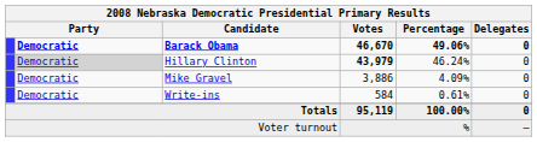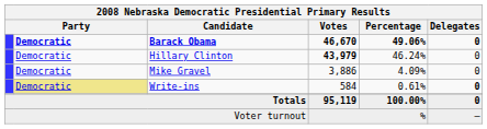 <table class="wikitable" style="font-size:95%;">
 <tr>
 <th colspan="7">2008 Nebraska Democratic Presidential Primary Results</th>
 </tr>
 <tr>
 <th colspan="2" style="width: 15em">Party</th>
 <th style="width: 17em">Candidate</th>
 <th style="width: 5em">Votes</th>
 <th style="width: 7em">Percentage</th>
 <th style="width: 5em">Delegates</th>
 </tr>
 <tr>
 <th style="background-color:#3333FF; width: 3px"></th>
 <td style="width: 130px"><strong><a href='#'>Democratic</a></strong></td>
 <td><strong><a href='#'>Barack Obama</a></strong></td>
 <td align="right"><strong>46,670</strong></td>
 <td align="right"><strong>49.06%</strong></td>
 <td align="right"><strong>0</strong></td>
 </tr>
 <tr>
 <th style="background-color:#3333FF; width: 3px"></th>
-<td style="background: lightgrey; width: 130px"><a href='#'>Democratic</a></td>
+<td style="width: 130px"><a href='#'>Democratic</a></td>
 <td><a href='#'>Hillary Clinton</a></td>
 <td align="right"><strong>43,979</strong></td>
 <td align="right">46.24%</td>
 <td align="right">0</td>
 </tr>
 <tr>
 <th style="background-color:#3333FF; width: 3px"></th>
 <td style="width: 130px"><a href='#'>Democratic</a></td>
 <td><a href='#'>Mike Gravel</a></td>
 <td align="right">3,886</td>
 <td align="right">4.09%</td>
 <td align="right">0</td>
 </tr>
 <tr>
 <th style="background-color:#3333FF; width: 3px"></th>
-<td style="width: 130px"><a href='#'>Democratic</a></td>
+<td style="background: khaki; width: 130px"><a href='#'>Democratic</a></td>
 <td><a href='#'>Write-ins</a></td>
 <td align="right">584</td>
 <td align="right">0.61%</td>
-<td align="right">0</td>
+<td align="right"><strong>0</strong></td>
 </tr>
 <tr>
 </tr>
 <tr bgcolor="#EEEEEE">
 <td colspan="3" align="right"><strong>Totals</strong></td>
 <td align="right"><strong>95,119</strong></td>
 <td align="right"><strong>100.00%</strong></td>
 <td align="right"><strong>0</strong></td>
 </tr>
 <tr bgcolor="#EEEEEE">
 <td colspan="3" align="right">Voter turnout</td>
 <td colspan="2" align="right">%</td>
 <td align="right">—</td>
 </tr>
 </table>
